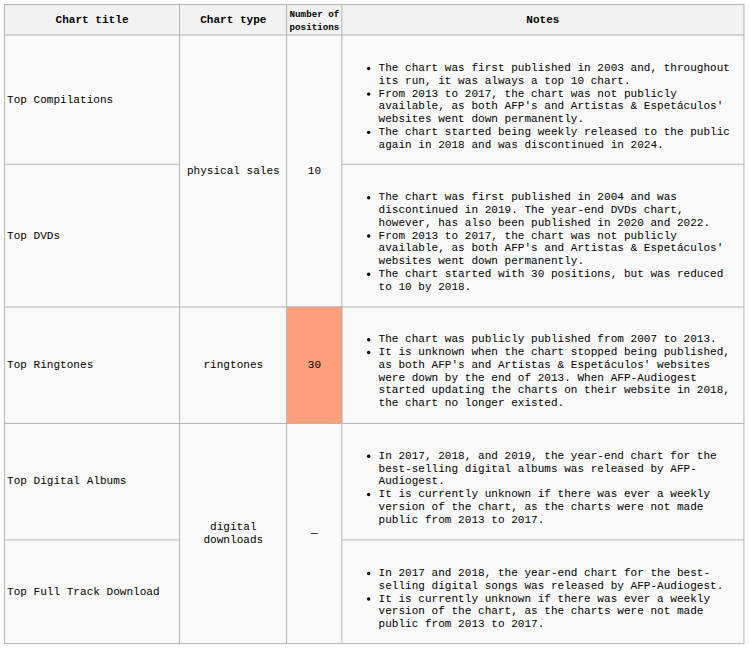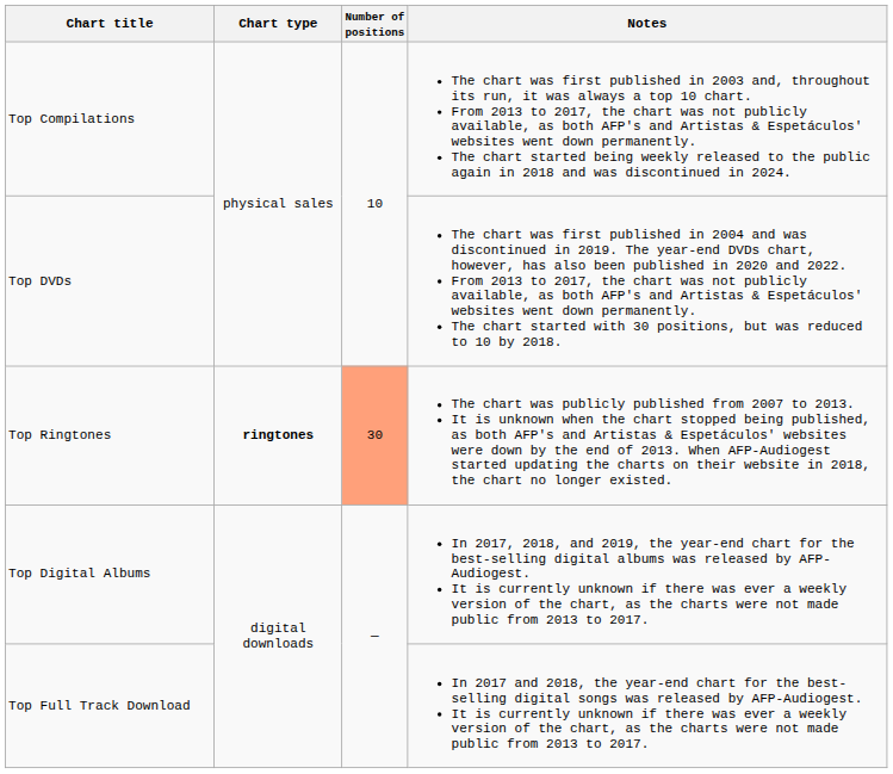 <table class="wikitable sortable">
 <tr>
 <th width=200>Chart title</th>
 <th width=120>Chart type</th>
 <th><small>Number of<br>positions</small></th>
 <th class="unsortable">Notes</th>
 </tr>
 <tr>
 <td>Top Compilations</td>
 <td style="text-align:center;" rowspan="2">physical sales</td>
 <td align=center rowspan="2">10</td>
 <td><br><ul><li>The chart was first published in 2003 and, throughout its run, it was always a top 10 chart.</li><li>From 2013 to 2017, the chart was not publicly available, as both AFP's and Artistas & Espetáculos' websites went down permanently.</li><li>The chart started being weekly released to the public again in 2018 and was discontinued in 2024.</li></ul></td>
 </tr>
 <tr>
 <td>Top DVDs</td>
 <td><br><ul><li>The chart was first published in 2004 and was discontinued in 2019. The year-end DVDs chart, however, has also been published in 2020 and 2022.</li><li>From 2013 to 2017, the chart was not publicly available, as both AFP's and Artistas & Espetáculos' websites went down permanently.</li><li>The chart started with 30 positions, but was reduced to 10 by 2018.</li></ul></td>
 </tr>
 <tr>
 <td>Top Ringtones</td>
-<td style="text-align:center;">ringtones</td>
+<td style="text-align:center;"><strong>ringtones</strong></td>
 <td align=center style="background: lightsalmon;">30</td>
 <td><br><ul><li>The chart was publicly published from 2007 to 2013.</li><li>It is unknown when the chart stopped being published, as both AFP's and Artistas & Espetáculos' websites were down by the end of 2013. When AFP-Audiogest started updating the charts on their website in 2018, the chart no longer existed.</li></ul></td>
 </tr>
 <tr>
 <td>Top Digital Albums</td>
 <td style="text-align:center;" rowspan="2">digital downloads</td>
 <td align=center rowspan="2">—</td>
 <td><br><ul><li>In 2017, 2018, and 2019, the year-end chart for the best-selling digital albums was released by AFP-Audiogest.</li><li>It is currently unknown if there was ever a weekly version of the chart, as the charts were not made public from 2013 to 2017.</li></ul></td>
 </tr>
 <tr>
 <td>Top Full Track Download</td>
 <td><br><ul><li>In 2017 and 2018, the year-end chart for the best-selling digital songs was released by AFP-Audiogest.</li><li>It is currently unknown if there was ever a weekly version of the chart, as the charts were not made public from 2013 to 2017.</li></ul></td>
 </tr>
 </table>
